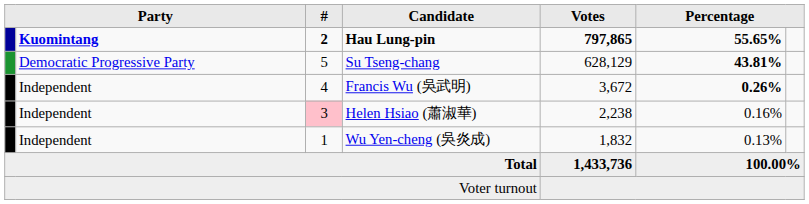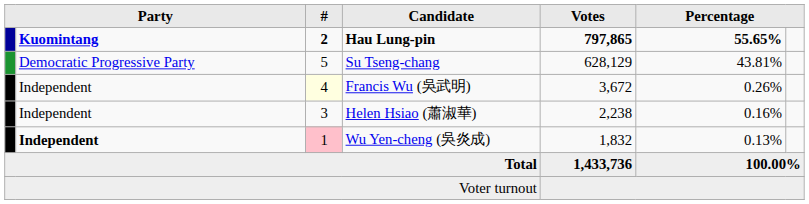 <table class="wikitable" style="margin: 1em auto;">
 <tr>
 <th colspan="2" style="background:#e9e9e9; width:20em;">Party</th>
 <th style="background:#e9e9e9; width:2em;">#</th>
 <th style="background:#e9e9e9; width:13em;">Candidate</th>
 <th style="background:#e9e9e9; width:6em;">Votes</th>
 <th colspan="2" style="background:#e9e9e9; width:11em;">Percentage</th>
 </tr>
 <tr>
 <td style="background:#009;"></td>
 <td align=left><strong><a href='#'>Kuomintang</a></strong></td>
 <td align=center><strong>2</strong></td>
 <td align=left><strong>Hau Lung-pin</strong></td>
 <td align=right><strong>797,865</strong></td>
 <td align=right><strong>55.65%</strong></td>
 <td align=right> </td>
 </tr>
 <tr>
 <td style="background:#1b9431;"></td>
 <td align=left><a href='#'>Democratic Progressive Party</a></td>
 <td align=center>5</td>
 <td align=left><a href='#'>Su Tseng-chang</a></td>
 <td align=right>628,129</td>
-<td align=right><strong>43.81%</strong></td>
+<td align=right>43.81%</td>
 <td align=right></td>
 </tr>
 <tr>
 <td style="background:#000;"></td>
 <td align=left>Independent</td>
-<td align=center>4</td>
+<td align=center style="background: lightyellow;">4</td>
 <td align=left><a href='#'>Francis Wu</a> (吳武明)</td>
 <td align=right>3,672</td>
-<td align=right><strong>0.26%</strong></td>
+<td align=right>0.26%</td>
 <td align=right></td>
 </tr>
 <tr>
 <td style="background:#000;"></td>
 <td align=left>Independent</td>
-<td align=center style="background: pink;">3</td>
+<td align=center>3</td>
 <td align=left><a href='#'>Helen Hsiao</a> (蕭淑華)</td>
 <td align=right>2,238</td>
 <td align=right>0.16%</td>
 <td align=right></td>
 </tr>
 <tr>
 <td style="background:#000;"></td>
-<td align=left>Independent</td>
-<td align=center>1</td>
+<td align=left><strong>Independent</strong></td>
+<td align=center style="background: pink;">1</td>
 <td align=left><a href='#'>Wu Yen-cheng</a> (吳炎成)</td>
 <td align=right>1,832</td>
 <td align=right>0.13%</td>
 <td align=right></td>
 </tr>
 <tr style="background:#eee;">
 <td colspan="4" style="text-align:right;"><strong>Total</strong></td>
 <td align=right><strong>1,433,736</strong></td>
 <td style="text-align:right;" colspan="2"><strong>100.00%</strong></td>
 </tr>
 <tr style="background:#eee; text-align:right;">
 <td colspan="4">Voter turnout</td>
 <td colspan="3" style="text-align:right;"></td>
 </tr>
 </table>
